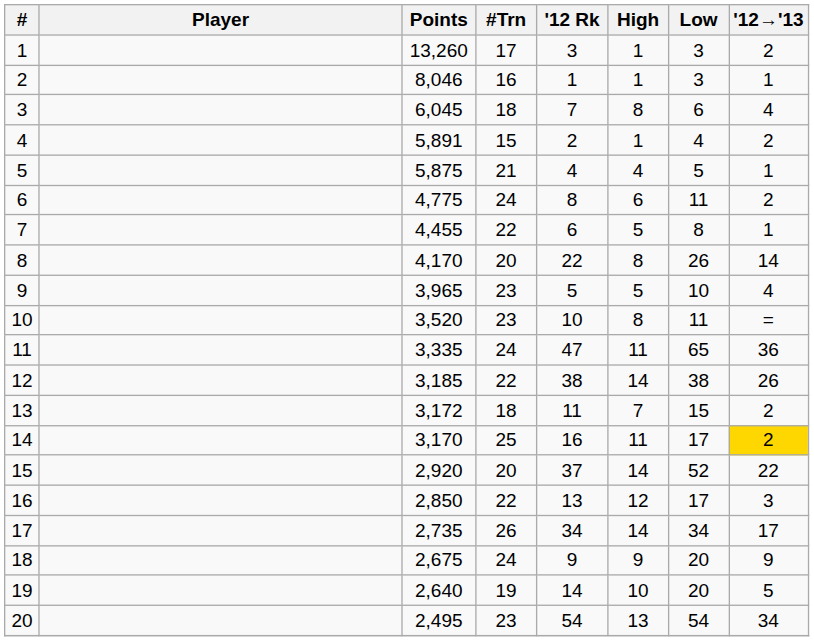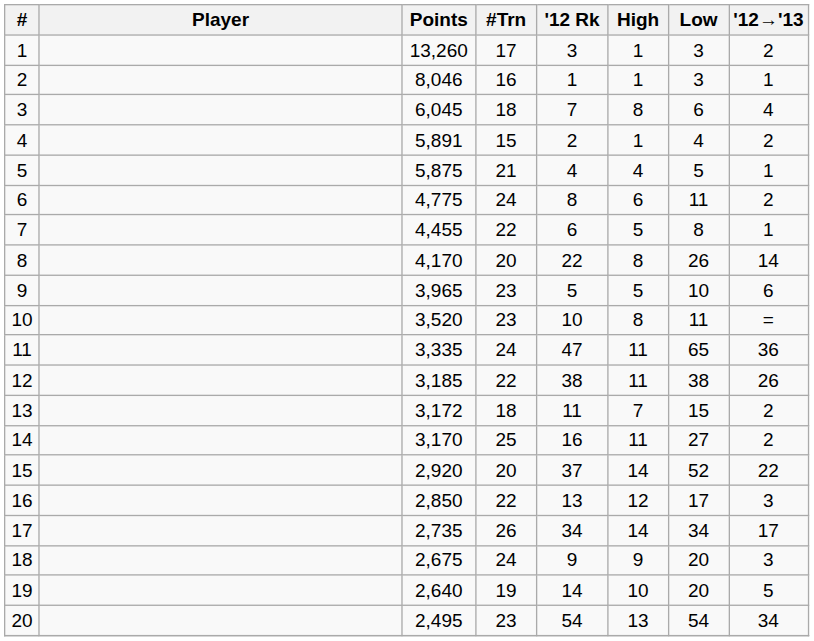 <table class="wikitable" style="font-size:90%">
 <tr>
 <th width="20">#</th>
 <th width="290">Player</th>
 <th width="50">Points</th>
 <th width=40>#Trn</th>
 <th width=50>'12 Rk</th>
 <th width=40>High</th>
 <th width=40>Low</th>
 <th width=50>'12→'13</th>
 </tr>
 <tr align="center">
 <td>1</td>
 <td align="left"></td>
 <td>13,260</td>
 <td>17</td>
 <td>3</td>
 <td>1</td>
 <td>3</td>
 <td> 2</td>
 </tr>
 <tr align="center">
 <td>2</td>
 <td align="left"></td>
 <td>8,046</td>
 <td>16</td>
 <td>1</td>
 <td>1</td>
 <td>3</td>
 <td> 1</td>
 </tr>
 <tr align="center">
 <td>3</td>
 <td align="left"></td>
 <td>6,045</td>
 <td>18</td>
 <td>7</td>
 <td>8</td>
 <td>6</td>
 <td> 4</td>
 </tr>
 <tr align="center">
 <td>4</td>
 <td align="left"></td>
 <td>5,891</td>
 <td>15</td>
 <td>2</td>
 <td>1</td>
 <td>4</td>
 <td> 2</td>
 </tr>
 <tr align="center">
 <td>5</td>
 <td align="left"></td>
 <td>5,875</td>
 <td>21</td>
 <td>4</td>
 <td>4</td>
 <td>5</td>
 <td> 1</td>
 </tr>
 <tr align="center">
 <td>6</td>
 <td align="left"></td>
 <td>4,775</td>
 <td>24</td>
 <td>8</td>
 <td>6</td>
 <td>11</td>
 <td> 2</td>
 </tr>
 <tr align="center">
 <td>7</td>
 <td align="left"></td>
 <td>4,455</td>
 <td>22</td>
 <td>6</td>
 <td>5</td>
 <td>8</td>
 <td> 1</td>
 </tr>
 <tr align="center">
 <td>8</td>
 <td align="left"></td>
 <td>4,170</td>
 <td>20</td>
 <td>22</td>
 <td>8</td>
 <td>26</td>
 <td> 14</td>
 </tr>
 <tr align="center">
 <td>9</td>
 <td align="left"></td>
 <td>3,965</td>
 <td>23</td>
 <td>5</td>
 <td>5</td>
 <td>10</td>
-<td> 4</td>
+<td> 6</td>
 </tr>
 <tr align="center">
 <td>10</td>
 <td align="left"></td>
 <td>3,520</td>
 <td>23</td>
 <td>10</td>
 <td>8</td>
 <td>11</td>
 <td> =</td>
 </tr>
 <tr align="center">
 <td>11</td>
 <td align="left"></td>
 <td>3,335</td>
 <td>24</td>
 <td>47</td>
 <td>11</td>
 <td>65</td>
 <td> 36</td>
 </tr>
 <tr align="center">
 <td>12</td>
 <td align="left"></td>
 <td>3,185</td>
 <td>22</td>
 <td>38</td>
-<td>14</td>
+<td>11</td>
 <td>38</td>
 <td> 26</td>
 </tr>
 <tr align="center">
 <td>13</td>
 <td align="left"></td>
 <td>3,172</td>
 <td>18</td>
 <td>11</td>
 <td>7</td>
 <td>15</td>
 <td> 2</td>
 </tr>
 <tr align="center">
 <td>14</td>
 <td align="left"></td>
 <td>3,170</td>
 <td>25</td>
 <td>16</td>
 <td>11</td>
-<td>17</td>
-<td style="background: gold;"> 2</td>
+<td>27</td>
+<td> 2</td>
 </tr>
 <tr align="center">
 <td>15</td>
 <td align="left"></td>
 <td>2,920</td>
 <td>20</td>
 <td>37</td>
 <td>14</td>
 <td>52</td>
 <td> 22</td>
 </tr>
 <tr align="center">
 <td>16</td>
 <td align="left"></td>
 <td>2,850</td>
 <td>22</td>
 <td>13</td>
 <td>12</td>
 <td>17</td>
 <td> 3</td>
 </tr>
 <tr align="center">
 <td>17</td>
 <td align="left"></td>
 <td>2,735</td>
 <td>26</td>
 <td>34</td>
 <td>14</td>
 <td>34</td>
 <td> 17</td>
 </tr>
 <tr align="center">
 <td>18</td>
 <td align="left"></td>
 <td>2,675</td>
 <td>24</td>
 <td>9</td>
 <td>9</td>
 <td>20</td>
-<td> 9</td>
+<td> 3</td>
 </tr>
 <tr align="center">
 <td>19</td>
 <td align="left"></td>
 <td>2,640</td>
 <td>19</td>
 <td>14</td>
 <td>10</td>
 <td>20</td>
 <td> 5</td>
 </tr>
 <tr align="center">
 <td>20</td>
 <td align="left"></td>
 <td>2,495</td>
 <td>23</td>
 <td>54</td>
 <td>13</td>
 <td>54</td>
 <td> 34</td>
 </tr>
 <tr align="center">
 </tr>
 </table>
